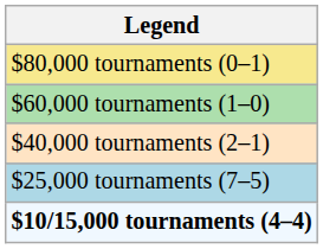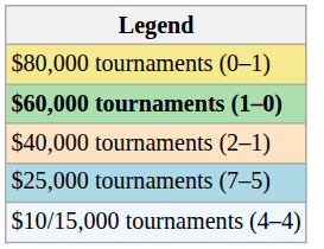 <table class="wikitable" style="font-size:85%">
 <tr>
 <th>Legend</th>
 </tr>
 <tr style="background:#f7e98e;">
 <td>$80,000 tournaments (0–1)</td>
 </tr>
 <tr style="background:#addfad;">
-<td>$60,000 tournaments (1–0)</td>
+<td><strong>$60,000 tournaments (1–0)</strong></td>
 </tr>
 <tr style="background:#ffe4c4;">
 <td>$40,000 tournaments (2–1)</td>
 </tr>
 <tr style="background:lightblue;">
 <td>$25,000 tournaments (7–5)</td>
 </tr>
 <tr style="background:#f0f8ff;">
-<td><strong>$10/15,000 tournaments (4–4)</strong></td>
+<td>$10/15,000 tournaments (4–4)</td>
 </tr>
 </table>
